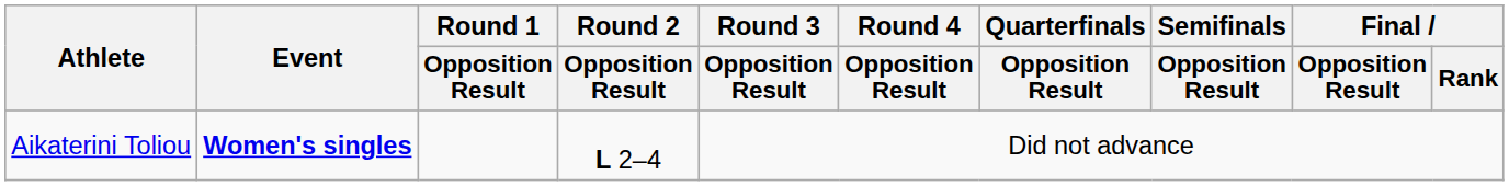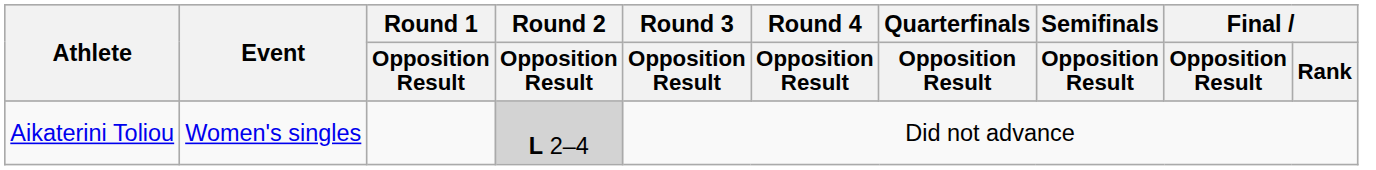 <table class="wikitable" style="text-align:center; font-size:90%">
 <tr>
 <th rowspan=2>Athlete</th>
 <th rowspan=2>Event</th>
 <th>Round 1</th>
 <th>Round 2</th>
 <th>Round 3</th>
 <th>Round 4</th>
 <th>Quarterfinals</th>
 <th>Semifinals</th>
 <th colspan=2>Final / </th>
 </tr>
 <tr style="font-size:95%">
 <th>Opposition<br>Result</th>
 <th>Opposition<br>Result</th>
 <th>Opposition<br>Result</th>
 <th>Opposition<br>Result</th>
 <th>Opposition<br>Result</th>
 <th>Opposition<br>Result</th>
 <th>Opposition<br>Result</th>
 <th>Rank</th>
 </tr>
 <tr>
 <td align=left><a href='#'>Aikaterini Toliou</a></td>
-<td align=left><strong><a href='#'>Women's singles</a></strong></td>
+<td align=left><a href='#'>Women's singles</a></td>
 <td></td>
-<td><br> <strong>L</strong> 2–4</td>
+<td style="background: lightgrey;"><br> <strong>L</strong> 2–4</td>
 <td colspan=6>Did not advance</td>
 </tr>
 </table>
